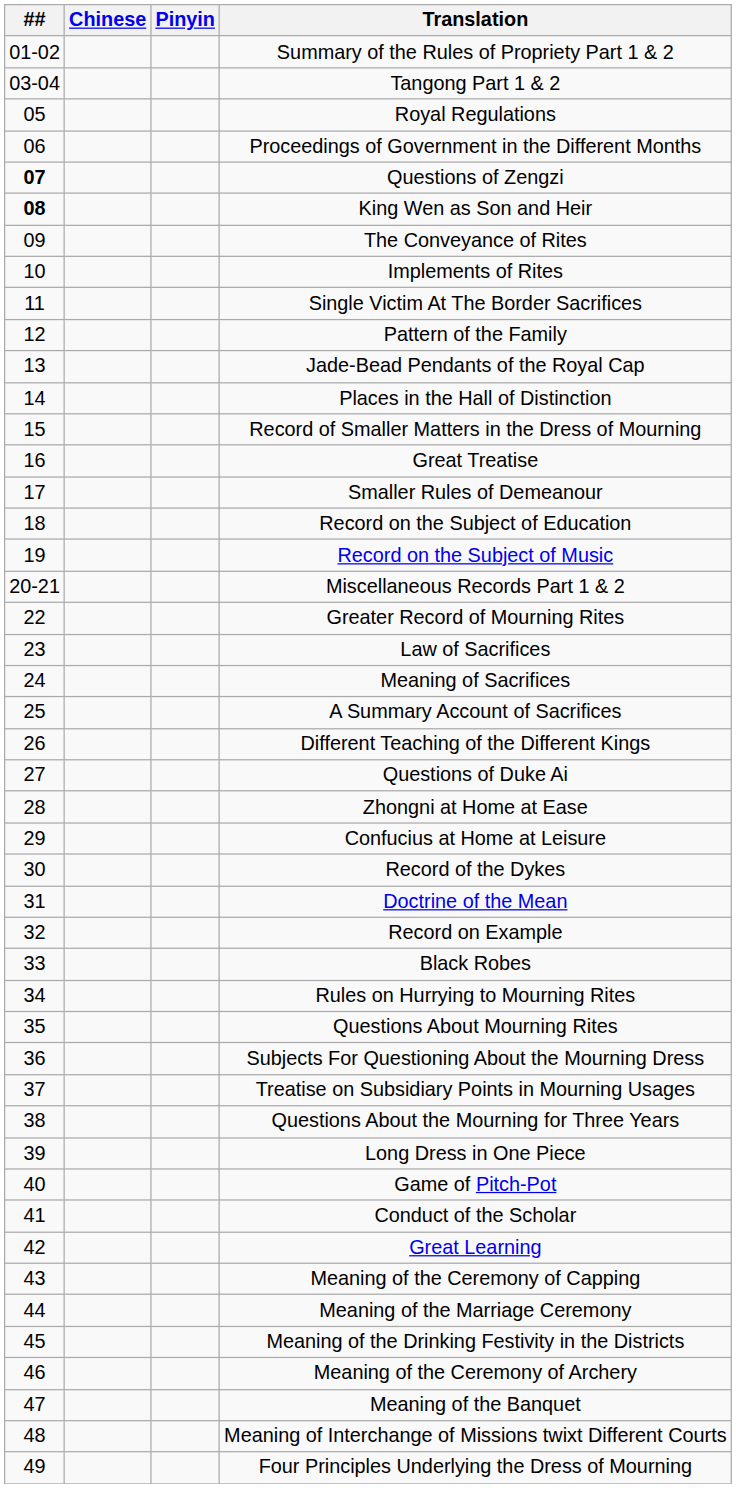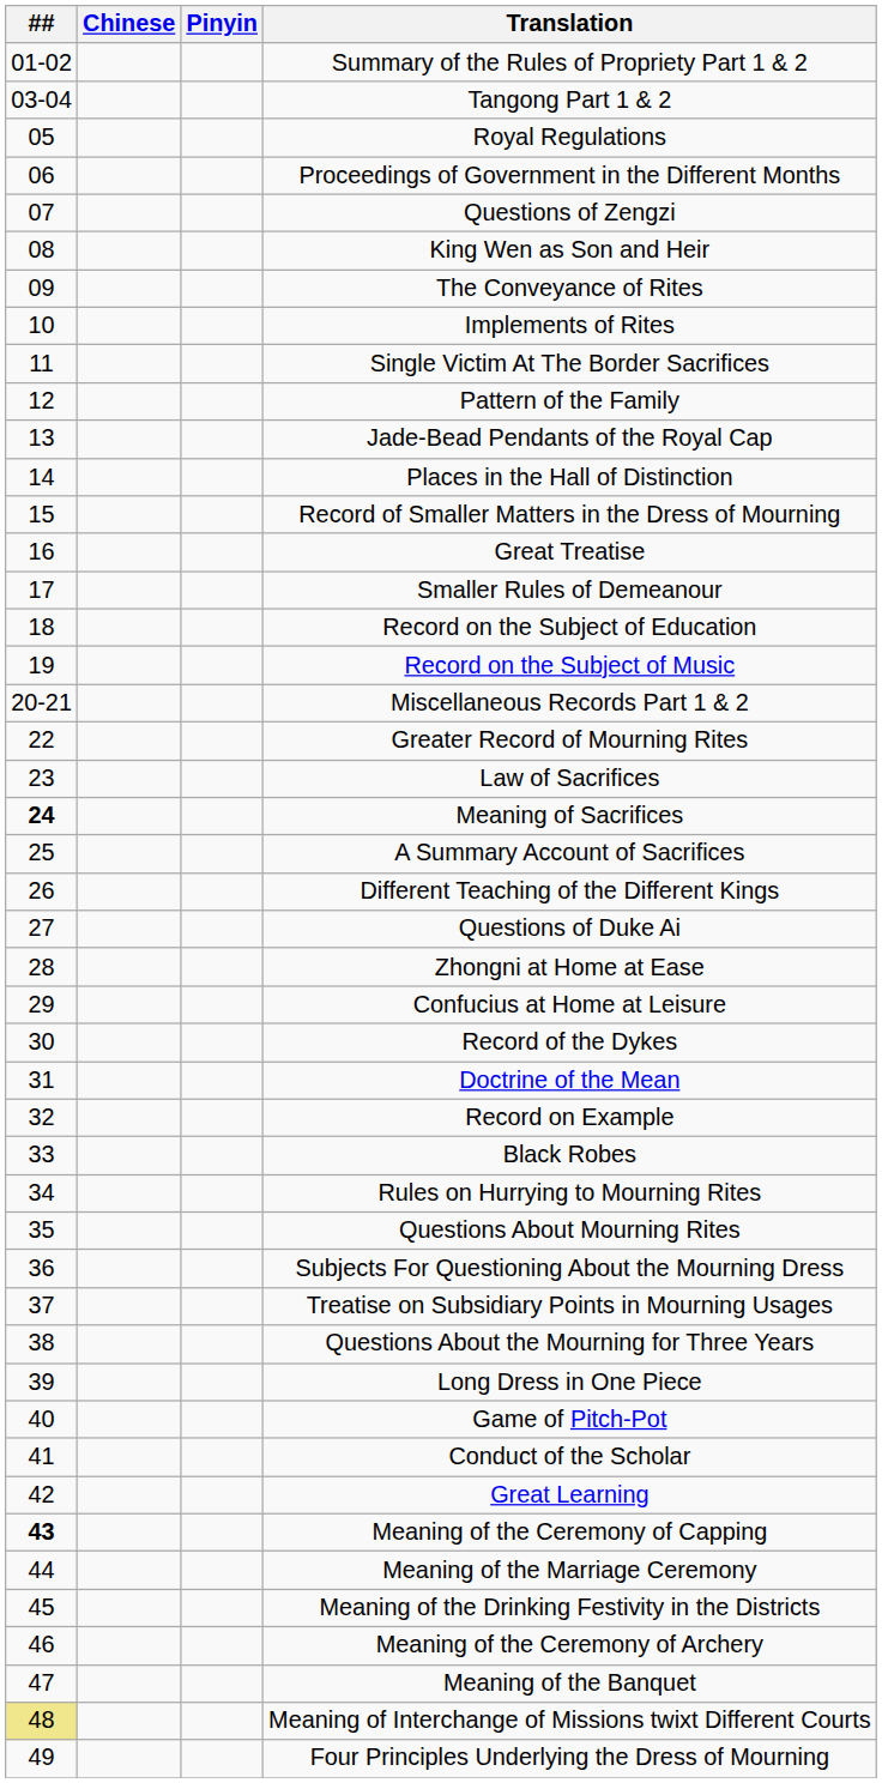 <table class="wikitable" style="text-align:center">
 <tr>
 <th>##</th>
 <th><a href='#'>Chinese</a></th>
 <th><a href='#'>Pinyin</a></th>
 <th>Translation</th>
 </tr>
 <tr>
 <td>01-02</td>
 <td></td>
 <td></td>
 <td>Summary of the Rules of Propriety Part 1 & 2</td>
 </tr>
 <tr>
 <td>03-04</td>
 <td></td>
 <td></td>
 <td>Tangong Part 1 & 2</td>
 </tr>
 <tr>
 <td>05</td>
 <td></td>
 <td></td>
 <td>Royal Regulations</td>
 </tr>
 <tr>
 <td>06</td>
 <td></td>
 <td></td>
 <td>Proceedings of Government in the Different Months</td>
 </tr>
 <tr>
-<td><strong>07</strong></td>
+<td>07</td>
 <td></td>
 <td></td>
 <td>Questions of Zengzi</td>
 </tr>
 <tr>
-<td><strong>08</strong></td>
+<td>08</td>
 <td></td>
 <td></td>
 <td>King Wen as Son and Heir</td>
 </tr>
 <tr>
 <td>09</td>
 <td></td>
 <td></td>
 <td>The Conveyance of Rites</td>
 </tr>
 <tr>
 <td>10</td>
 <td></td>
 <td></td>
 <td>Implements of Rites</td>
 </tr>
 <tr>
 <td>11</td>
 <td></td>
 <td></td>
 <td>Single Victim At The Border Sacrifices</td>
 </tr>
 <tr>
 <td>12</td>
 <td></td>
 <td></td>
 <td>Pattern of the Family</td>
 </tr>
 <tr>
 <td>13</td>
 <td></td>
 <td></td>
 <td>Jade-Bead Pendants of the Royal Cap</td>
 </tr>
 <tr>
 <td>14</td>
 <td></td>
 <td></td>
 <td>Places in the Hall of Distinction</td>
 </tr>
 <tr>
 <td>15</td>
 <td></td>
 <td></td>
 <td>Record of Smaller Matters in the Dress of Mourning</td>
 </tr>
 <tr>
 <td>16</td>
 <td></td>
 <td></td>
 <td>Great Treatise</td>
 </tr>
 <tr>
 <td>17</td>
 <td></td>
 <td></td>
 <td>Smaller Rules of Demeanour</td>
 </tr>
 <tr>
 <td>18</td>
 <td></td>
 <td></td>
 <td>Record on the Subject of Education</td>
 </tr>
 <tr>
 <td>19</td>
 <td></td>
 <td></td>
 <td><a href='#'>Record on the Subject of Music</a></td>
 </tr>
 <tr>
 <td>20-21</td>
 <td></td>
 <td></td>
 <td>Miscellaneous Records Part 1 & 2</td>
 </tr>
 <tr>
 <td>22</td>
 <td></td>
 <td></td>
 <td>Greater Record of Mourning Rites</td>
 </tr>
 <tr>
 <td>23</td>
 <td></td>
 <td></td>
 <td>Law of Sacrifices</td>
 </tr>
 <tr>
-<td>24</td>
+<td><strong>24</strong></td>
 <td></td>
 <td></td>
 <td>Meaning of Sacrifices</td>
 </tr>
 <tr>
 <td>25</td>
 <td></td>
 <td></td>
 <td>A Summary Account of Sacrifices</td>
 </tr>
 <tr>
 <td>26</td>
 <td></td>
 <td></td>
 <td>Different Teaching of the Different Kings</td>
 </tr>
 <tr>
 <td>27</td>
 <td></td>
 <td></td>
 <td>Questions of Duke Ai</td>
 </tr>
 <tr>
 <td>28</td>
 <td></td>
 <td></td>
 <td>Zhongni at Home at Ease</td>
 </tr>
 <tr>
 <td>29</td>
 <td></td>
 <td></td>
 <td>Confucius at Home at Leisure</td>
 </tr>
 <tr>
 <td>30</td>
 <td></td>
 <td></td>
 <td>Record of the Dykes</td>
 </tr>
 <tr>
 <td>31</td>
 <td></td>
 <td></td>
 <td><a href='#'>Doctrine of the Mean</a></td>
 </tr>
 <tr>
 <td>32</td>
 <td></td>
 <td></td>
 <td>Record on Example</td>
 </tr>
 <tr>
 <td>33</td>
 <td></td>
 <td></td>
 <td>Black Robes</td>
 </tr>
 <tr>
 <td>34</td>
 <td></td>
 <td></td>
 <td>Rules on Hurrying to Mourning Rites</td>
 </tr>
 <tr>
 <td>35</td>
 <td></td>
 <td></td>
 <td>Questions About Mourning Rites</td>
 </tr>
 <tr>
 <td>36</td>
 <td></td>
 <td></td>
 <td>Subjects For Questioning About the Mourning Dress</td>
 </tr>
 <tr>
 <td>37</td>
 <td></td>
 <td></td>
 <td>Treatise on Subsidiary Points in Mourning Usages</td>
 </tr>
 <tr>
 <td>38</td>
 <td></td>
 <td></td>
 <td>Questions About the Mourning for Three Years</td>
 </tr>
 <tr>
 <td>39</td>
 <td></td>
 <td></td>
 <td>Long Dress in One Piece</td>
 </tr>
 <tr>
 <td>40</td>
 <td></td>
 <td></td>
 <td>Game of <a href='#'>Pitch-Pot</a></td>
 </tr>
 <tr>
 <td>41</td>
 <td></td>
 <td></td>
 <td>Conduct of the Scholar</td>
 </tr>
 <tr>
 <td>42</td>
 <td></td>
 <td></td>
 <td><a href='#'>Great Learning</a></td>
 </tr>
 <tr>
-<td>43</td>
+<td><strong>43</strong></td>
 <td></td>
 <td></td>
 <td>Meaning of the Ceremony of Capping</td>
 </tr>
 <tr>
 <td>44</td>
 <td></td>
 <td></td>
 <td>Meaning of the Marriage Ceremony</td>
 </tr>
 <tr>
 <td>45</td>
 <td></td>
 <td></td>
 <td>Meaning of the Drinking Festivity in the Districts</td>
 </tr>
 <tr>
 <td>46</td>
 <td></td>
 <td></td>
 <td>Meaning of the Ceremony of Archery</td>
 </tr>
 <tr>
 <td>47</td>
 <td></td>
 <td></td>
 <td>Meaning of the Banquet</td>
 </tr>
 <tr>
-<td>48</td>
+<td style="background: khaki;">48</td>
 <td></td>
 <td></td>
 <td>Meaning of Interchange of Missions twixt Different Courts</td>
 </tr>
 <tr>
 <td>49</td>
 <td></td>
 <td></td>
 <td>Four Principles Underlying the Dress of Mourning</td>
 </tr>
 </table>
